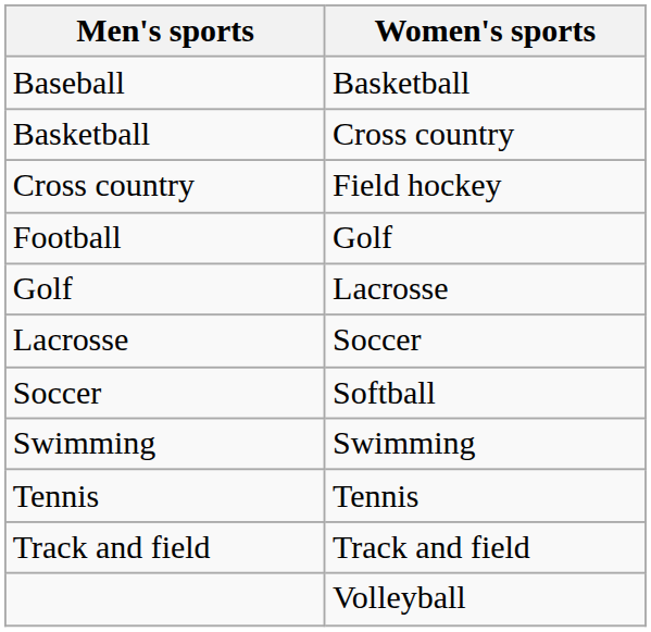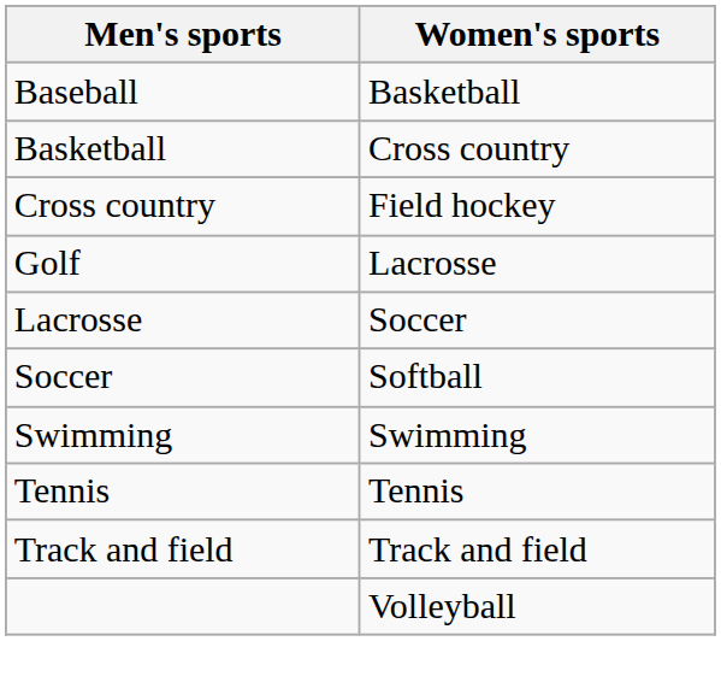 <table class="wikitable"; style= "text-align: ">
 <tr>
 <th width=150px>Men's sports</th>
 <th width=150px>Women's sports</th>
 </tr>
 <tr>
 <td>Baseball</td>
 <td>Basketball</td>
 </tr>
 <tr>
 <td>Basketball</td>
 <td>Cross country</td>
 </tr>
 <tr>
 <td>Cross country</td>
 <td>Field hockey</td>
-</tr>
-<tr>
-<td>Football</td>
-<td>Golf</td>
 </tr>
 <tr>
 <td>Golf</td>
 <td>Lacrosse</td>
 </tr>
 <tr>
 <td>Lacrosse</td>
 <td>Soccer</td>
 </tr>
 <tr>
 <td>Soccer</td>
 <td>Softball</td>
 </tr>
 <tr>
 <td>Swimming</td>
 <td>Swimming</td>
 </tr>
 <tr>
 <td>Tennis</td>
 <td>Tennis</td>
 </tr>
 <tr>
 <td>Track and field</td>
 <td>Track and field</td>
 </tr>
 <tr>
 <td></td>
 <td>Volleyball</td>
 </tr>
 </table>
